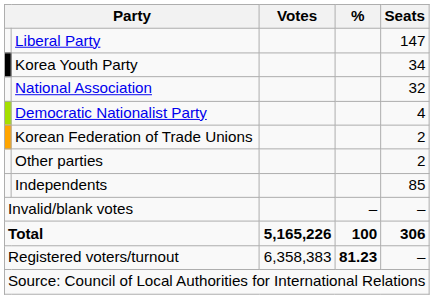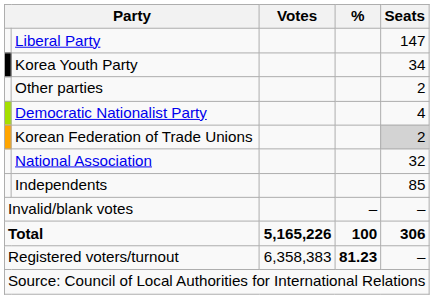 <table class="wikitable" style="text-align:right">
 <tr>
 <th colspan="2">Party</th>
 <th>Votes</th>
 <th>%</th>
 <th>Seats</th>
 </tr>
 <tr>
 <td></td>
 <td align="left"><a href='#'>Liberal Party</a></td>
 <td></td>
 <td></td>
 <td>147</td>
 </tr>
 <tr>
 <td bgcolor="black"></td>
 <td align="left">Korea Youth Party</td>
 <td></td>
 <td></td>
 <td>34</td>
 </tr>
 <tr>
 <td></td>
-<td align="left"><a href='#'>National Association</a></td>
+<td align="left">Other parties</td>
 <td></td>
 <td></td>
-<td>32</td>
+<td>2</td>
 </tr>
 <tr>
 <td style="color:inherit;background:#A5DF00"></td>
 <td align="left"><a href='#'>Democratic Nationalist Party</a></td>
 <td></td>
 <td></td>
 <td>4</td>
 </tr>
 <tr>
 <td bgcolor="orange"></td>
 <td align="left">Korean Federation of Trade Unions</td>
 <td></td>
 <td></td>
-<td>2</td>
+<td style="background: lightgrey;">2</td>
 </tr>
 <tr>
 <td></td>
-<td align="left">Other parties</td>
+<td align="left"><a href='#'>National Association</a></td>
 <td></td>
 <td></td>
-<td>2</td>
+<td>32</td>
 </tr>
 <tr>
 <td></td>
 <td align="left">Independents</td>
 <td></td>
 <td></td>
 <td>85</td>
 </tr>
 <tr>
 <td colspan="2" align="left">Invalid/blank votes</td>
 <td></td>
 <td>–</td>
 <td>–</td>
 </tr>
 <tr>
 <td colspan="2" align="left"><strong>Total</strong></td>
 <td><strong>5,165,226</strong></td>
 <td><strong>100</strong></td>
 <td><strong>306</strong></td>
 </tr>
 <tr>
 <td colspan="2" align="left">Registered voters/turnout</td>
 <td>6,358,383</td>
 <td><strong>81.23</strong></td>
 <td>–</td>
 </tr>
 <tr>
 <td colspan="5" align="left">Source: Council of Local Authorities for International Relations</td>
 </tr>
 </table>
